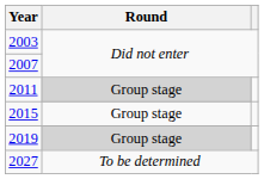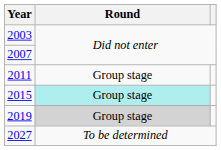 <table class="wikitable" style="text-align: center; font-size:90%">
 <tr>
 <th>Year</th>
 <th style="width:200px">Round</th>
 <th></th>
 </tr>
 <tr>
 <td><a href='#'>2003</a></td>
 <td colspan="2" rowspan="2"><em>Did not enter</em></td>
 </tr>
 <tr>
 <td><a href='#'>2007</a></td>
 </tr>
 <tr>
 <td><a href='#'>2011</a></td>
-<td style="background: lightgrey;">Group stage</td>
+<td>Group stage</td>
 <td></td>
 </tr>
 <tr>
 <td><a href='#'>2015</a></td>
-<td>Group stage</td>
+<td style="background: paleturquoise;">Group stage</td>
 <td></td>
 </tr>
 <tr>
 <td><a href='#'>2019</a></td>
 <td style="background: lightgrey;">Group stage</td>
 <td></td>
 </tr>
 <tr>
 <td><a href='#'>2027</a></td>
 <td colspan="2"><em>To be determined</em></td>
 </tr>
 </table>
